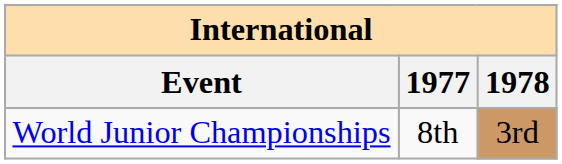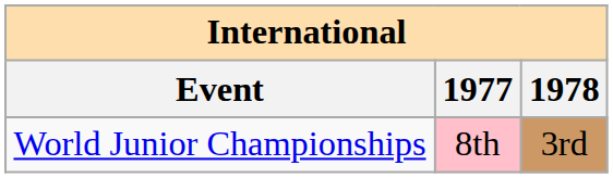 <table class="wikitable" style="text-align:center">
 <tr>
 <th style="background-color: #ffdead; " colspan=3 align=center><strong>International</strong></th>
 </tr>
 <tr>
 <th>Event</th>
 <th>1977</th>
 <th>1978</th>
 </tr>
 <tr>
 <td align=left><a href='#'>World Junior Championships</a></td>
-<td>8th</td>
+<td style="background: pink;">8th</td>
 <td bgcolor=cc9966>3rd</td>
 </tr>
 </table>
